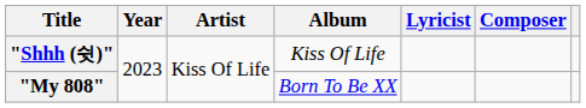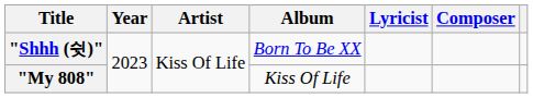 <table class="wikitable plainrowheaders" style="text-align:center">
 <tr>
 <th scope="col">Title</th>
 <th scope="col">Year</th>
 <th scope="col">Artist</th>
 <th scope="col">Album</th>
 <th scope="col"><a href='#'>Lyricist</a></th>
 <th scope="col"><a href='#'>Composer</a></th>
 <th scope="col" class="unsortable"></th>
 </tr>
 <tr>
 <th scope="row">"<a href='#'>Shhh</a> (쉿)"</th>
 <td rowspan="2">2023</td>
 <td rowspan="2">Kiss Of Life</td>
-<td><em>Kiss Of Life</em></td>
+<td><em><a href='#'>Born To Be XX</a></em></td>
 <td></td>
 <td></td>
 <td></td>
 </tr>
 <tr>
 <th scope="row">"My 808"</th>
-<td><em><a href='#'>Born To Be XX</a></em></td>
+<td><em>Kiss Of Life</em></td>
 <td></td>
 <td></td>
 <td></td>
 </tr>
 </table>
